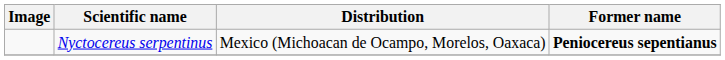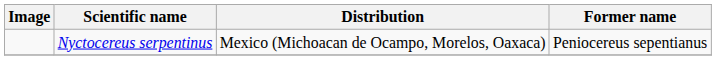 <table class="wikitable">
 <tr>
 <th>Image</th>
 <th>Scientific name</th>
 <th>Distribution</th>
 <th>Former name</th>
 </tr>
 <tr>
 <td></td>
 <td><em><a href='#'>Nyctocereus serpentinus</a></em></td>
 <td>Mexico (Michoacan de Ocampo, Morelos, Oaxaca)</td>
-<td><strong>Peniocereus sepentianus</strong></td>
+<td>Peniocereus sepentianus</td>
 </tr>
 <tr>
 </tr>
 </table>
